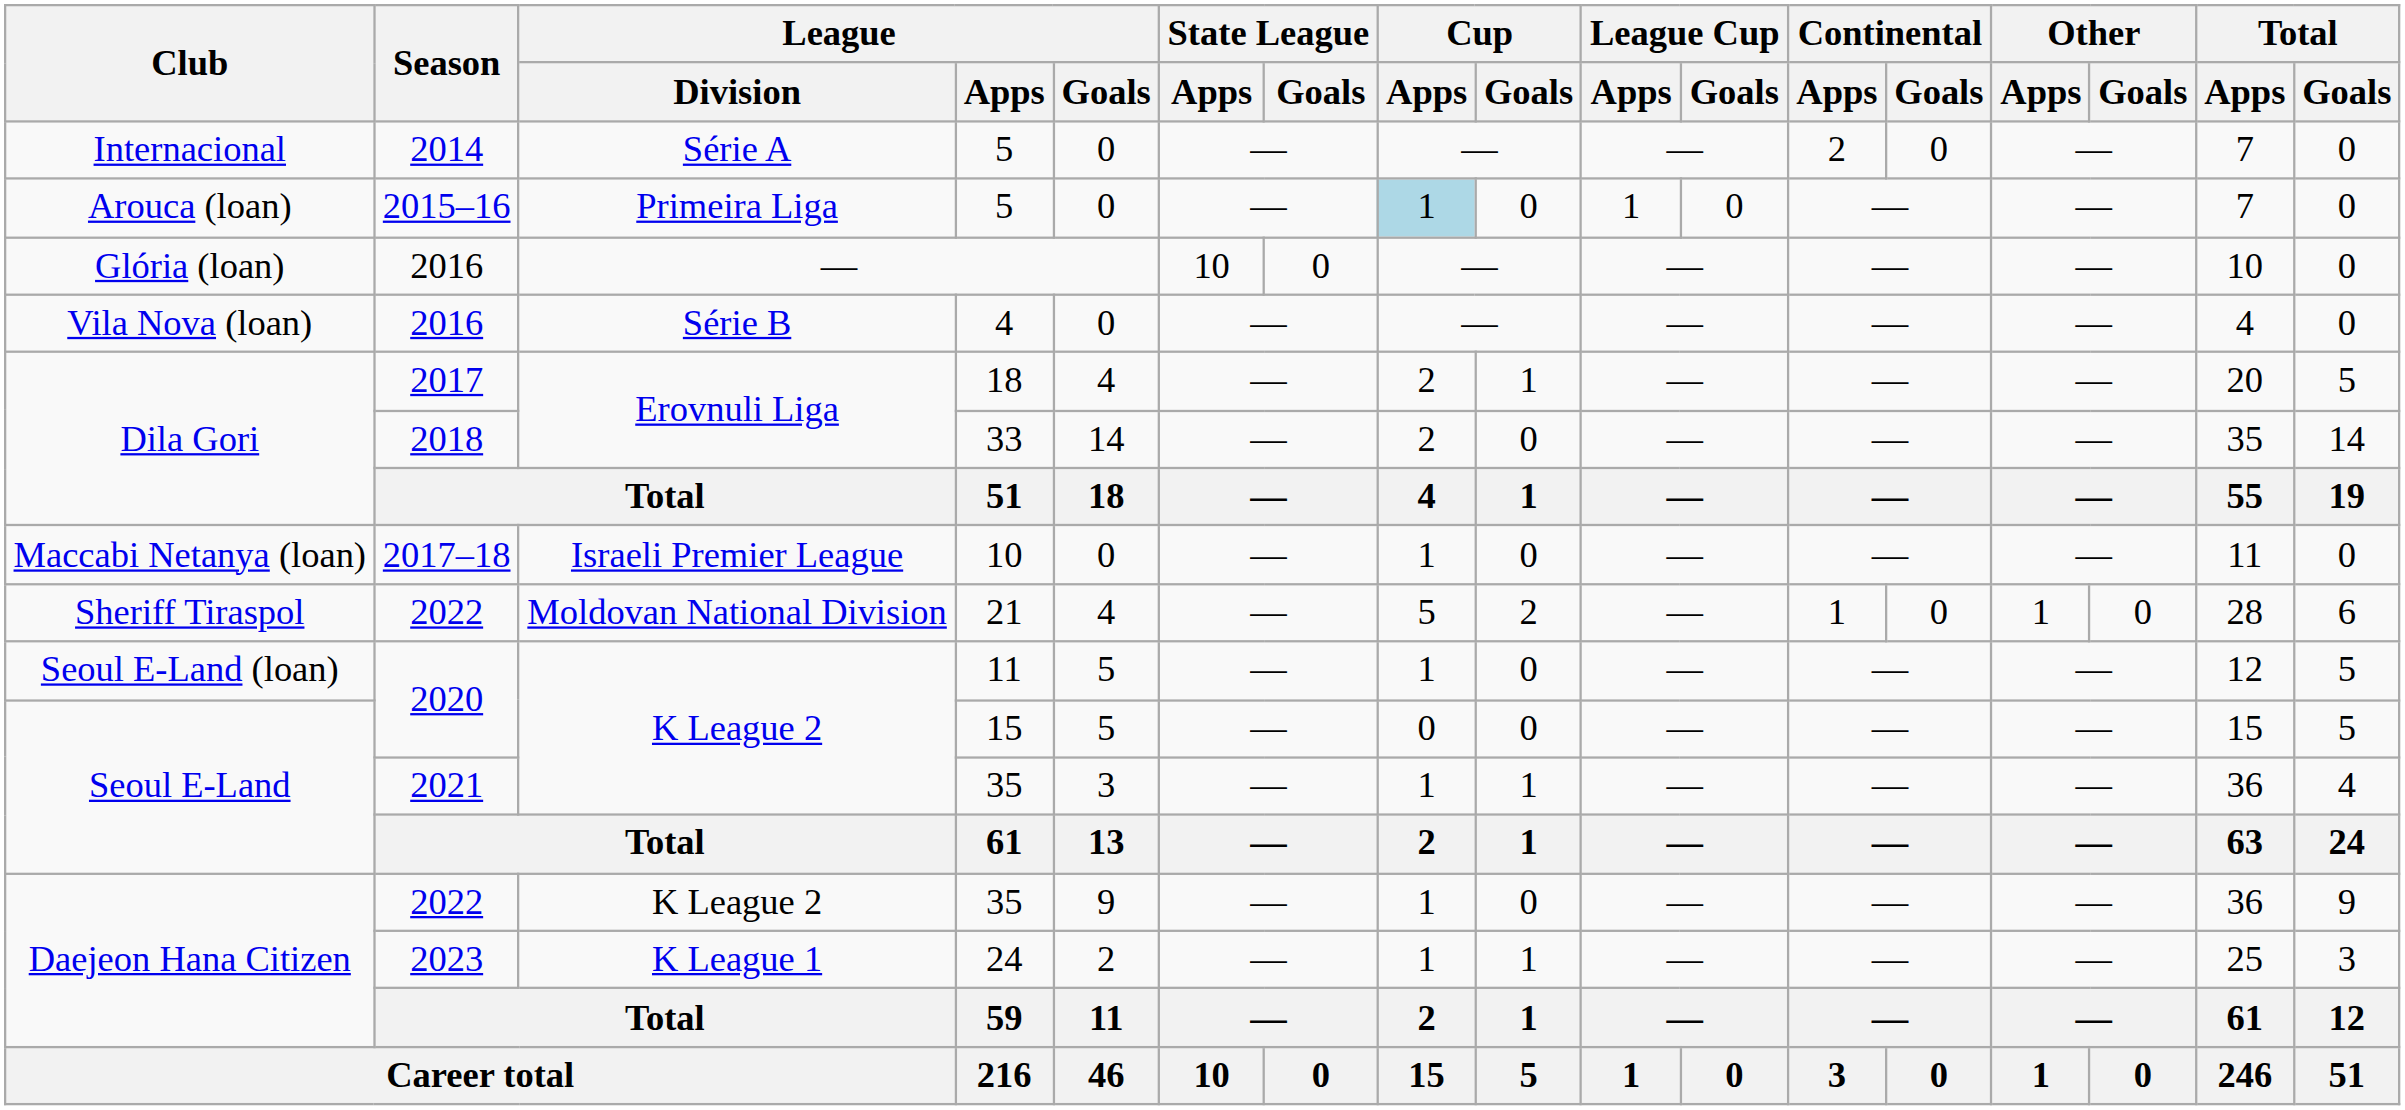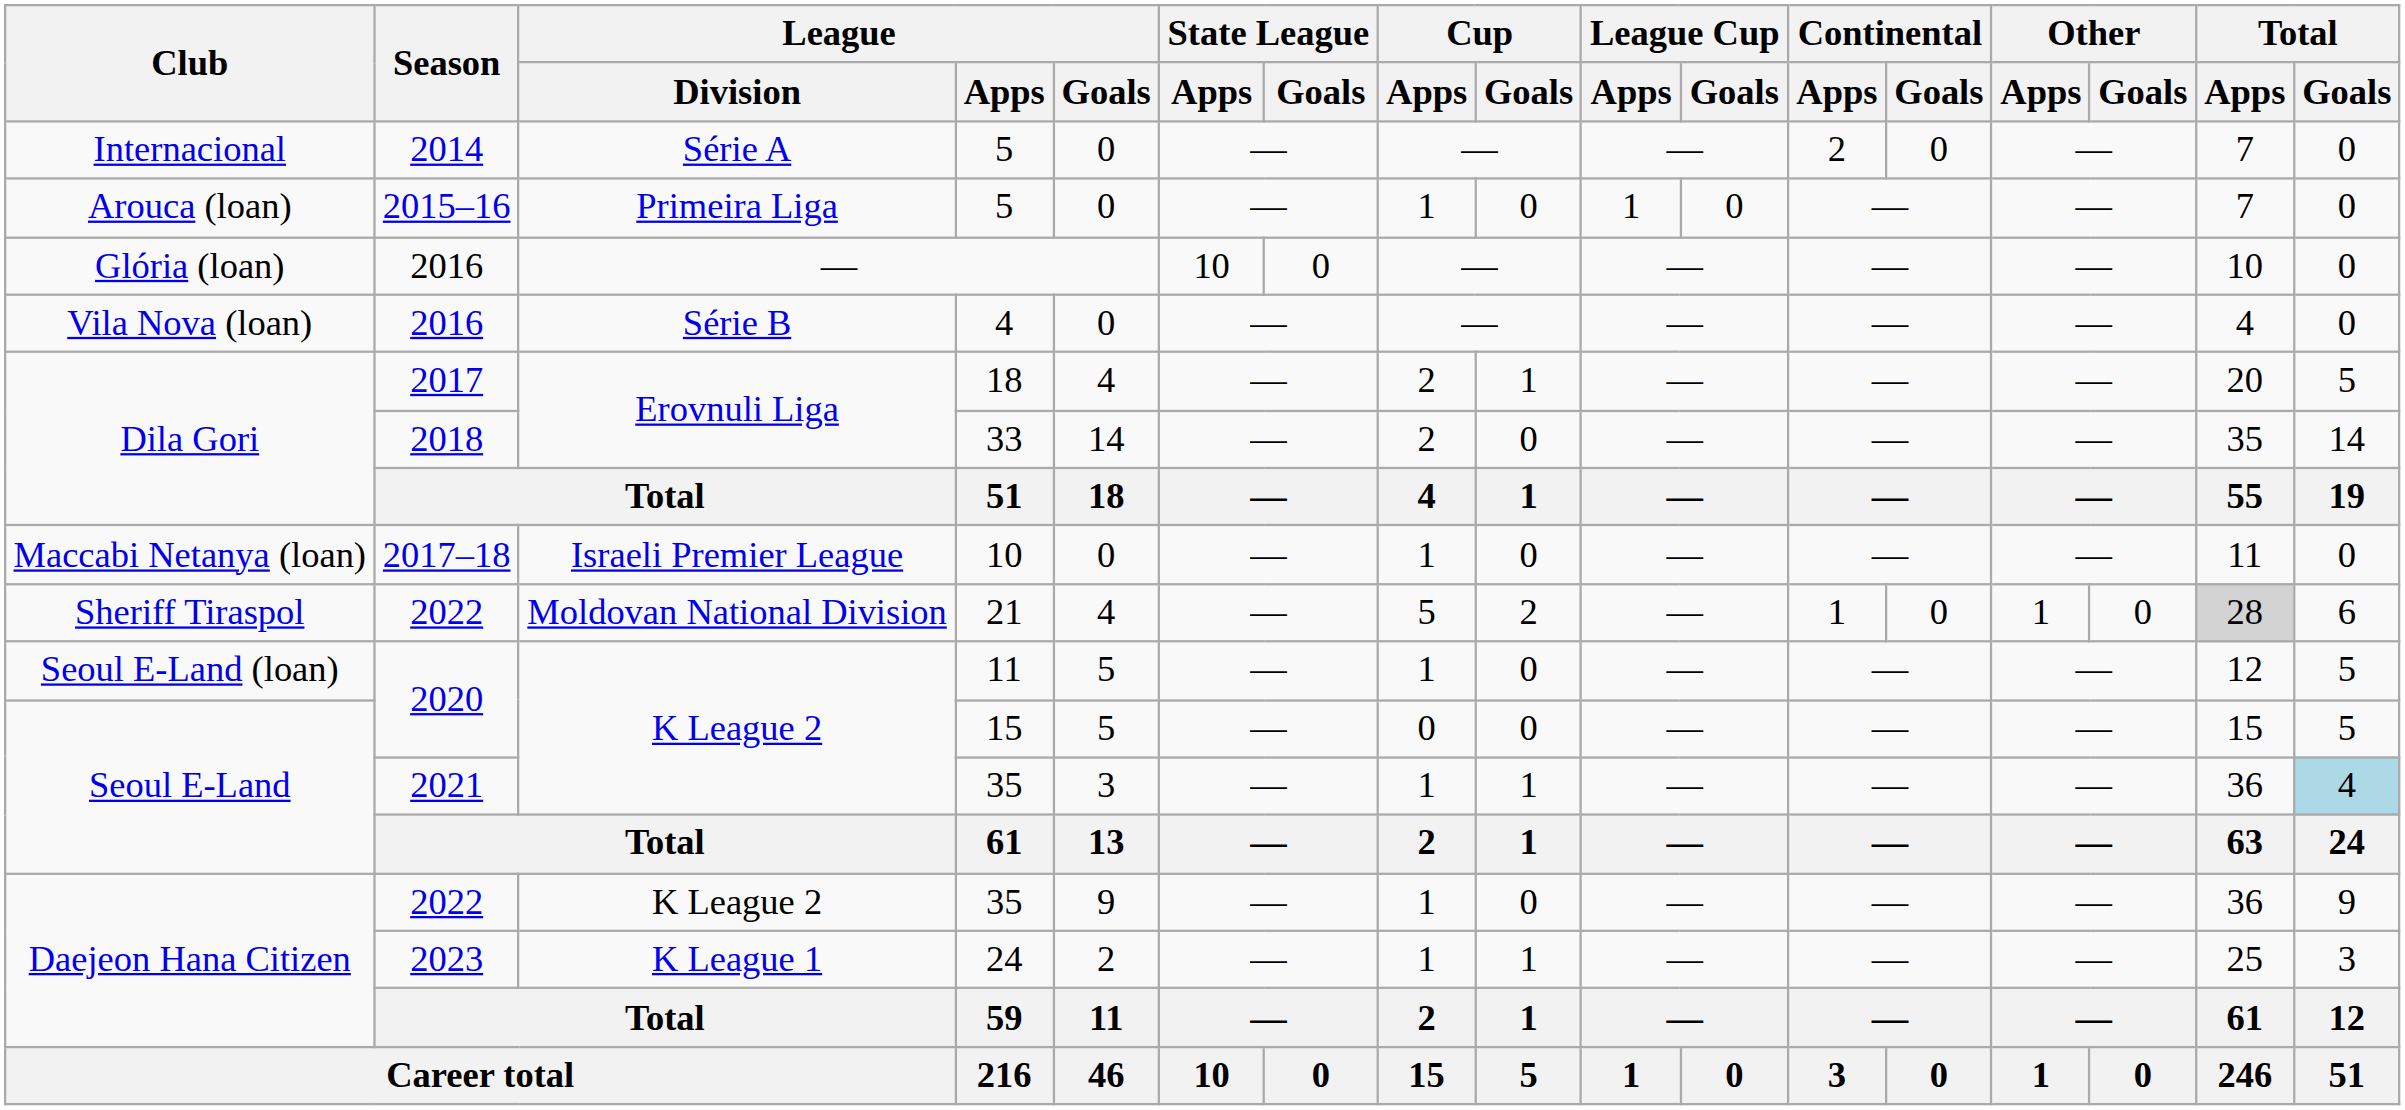 <table class="wikitable" style="text-align: center">
 <tr>
 <th rowspan="2">Club</th>
 <th rowspan="2">Season</th>
 <th colspan="3">League</th>
 <th colspan="2">State League</th>
 <th colspan="2">Cup</th>
 <th colspan="2">League Cup</th>
 <th colspan="2">Continental</th>
 <th colspan="2">Other</th>
 <th colspan="2">Total</th>
 </tr>
 <tr>
 <th>Division</th>
 <th>Apps</th>
 <th>Goals</th>
 <th>Apps</th>
 <th>Goals</th>
 <th>Apps</th>
 <th>Goals</th>
 <th>Apps</th>
 <th>Goals</th>
 <th>Apps</th>
 <th>Goals</th>
 <th>Apps</th>
 <th>Goals</th>
 <th>Apps</th>
 <th>Goals</th>
 </tr>
 <tr>
 <td><a href='#'>Internacional</a></td>
 <td><a href='#'>2014</a></td>
 <td><a href='#'>Série A</a></td>
 <td>5</td>
 <td>0</td>
 <td colspan="2">—</td>
 <td colspan="2">—</td>
 <td colspan="2">—</td>
 <td>2</td>
 <td>0</td>
 <td colspan="2">—</td>
 <td>7</td>
 <td>0</td>
 </tr>
 <tr>
 <td><a href='#'>Arouca</a> (loan)</td>
 <td><a href='#'>2015–16</a></td>
 <td><a href='#'>Primeira Liga</a></td>
 <td>5</td>
 <td>0</td>
 <td colspan="2">—</td>
-<td style="background: lightblue;">1</td>
+<td>1</td>
 <td>0</td>
 <td>1</td>
 <td>0</td>
 <td colspan="2">—</td>
 <td colspan="2">—</td>
 <td>7</td>
 <td>0</td>
 </tr>
 <tr>
 <td><a href='#'>Glória</a> (loan)</td>
 <td>2016</td>
 <td colspan="3">—</td>
 <td>10</td>
 <td>0</td>
 <td colspan="2">—</td>
 <td colspan="2">—</td>
 <td colspan="2">—</td>
 <td colspan="2">—</td>
 <td>10</td>
 <td>0</td>
 </tr>
 <tr>
 <td><a href='#'>Vila Nova</a> (loan)</td>
 <td><a href='#'>2016</a></td>
 <td><a href='#'>Série B</a></td>
 <td>4</td>
 <td>0</td>
 <td colspan="2">—</td>
 <td colspan="2">—</td>
 <td colspan="2">—</td>
 <td colspan="2">—</td>
 <td colspan="2">—</td>
 <td>4</td>
 <td>0</td>
 </tr>
 <tr>
 <td rowspan="3"><a href='#'>Dila Gori</a></td>
 <td><a href='#'>2017</a></td>
 <td rowspan="2"><a href='#'>Erovnuli Liga</a></td>
 <td>18</td>
 <td>4</td>
 <td colspan="2">—</td>
 <td>2</td>
 <td>1</td>
 <td colspan="2">—</td>
 <td colspan="2">—</td>
 <td colspan="2">—</td>
 <td>20</td>
 <td>5</td>
 </tr>
 <tr>
 <td><a href='#'>2018</a></td>
 <td>33</td>
 <td>14</td>
 <td colspan="2">—</td>
 <td>2</td>
 <td>0</td>
 <td colspan="2">—</td>
 <td colspan="2">—</td>
 <td colspan="2">—</td>
 <td>35</td>
 <td>14</td>
 </tr>
 <tr>
 <th colspan="2">Total</th>
 <th>51</th>
 <th>18</th>
 <th colspan="2">—</th>
 <th>4</th>
 <th>1</th>
 <th colspan="2">—</th>
 <th colspan="2">—</th>
 <th colspan="2">—</th>
 <th>55</th>
 <th>19</th>
 </tr>
 <tr>
 <td><a href='#'>Maccabi Netanya</a> (loan)</td>
 <td><a href='#'>2017–18</a></td>
 <td><a href='#'>Israeli Premier League</a></td>
 <td>10</td>
 <td>0</td>
 <td colspan="2">—</td>
 <td>1</td>
 <td>0</td>
 <td colspan="2">—</td>
 <td colspan="2">—</td>
 <td colspan="2">—</td>
 <td>11</td>
 <td>0</td>
 </tr>
 <tr>
 <td><a href='#'>Sheriff Tiraspol</a></td>
 <td><a href='#'>2022</a></td>
 <td><a href='#'>Moldovan National Division</a></td>
 <td>21</td>
 <td>4</td>
 <td colspan="2">—</td>
 <td>5</td>
 <td>2</td>
 <td colspan="2">—</td>
 <td>1</td>
 <td>0</td>
 <td>1</td>
 <td>0</td>
-<td>28</td>
+<td style="background: lightgrey;">28</td>
 <td>6</td>
 </tr>
 <tr>
 <td><a href='#'>Seoul E-Land</a> (loan)</td>
 <td rowspan="2"><a href='#'>2020</a></td>
 <td rowspan="3"><a href='#'>K League 2</a></td>
 <td>11</td>
 <td>5</td>
 <td colspan="2">—</td>
 <td>1</td>
 <td>0</td>
 <td colspan="2">—</td>
 <td colspan="2">—</td>
 <td colspan="2">—</td>
 <td>12</td>
 <td>5</td>
 </tr>
 <tr>
 <td rowspan="3"><a href='#'>Seoul E-Land</a></td>
 <td>15</td>
 <td>5</td>
 <td colspan="2">—</td>
 <td>0</td>
 <td>0</td>
 <td colspan="2">—</td>
 <td colspan="2">—</td>
 <td colspan="2">—</td>
 <td>15</td>
 <td>5</td>
 </tr>
 <tr>
 <td><a href='#'>2021</a></td>
 <td>35</td>
 <td>3</td>
 <td colspan="2">—</td>
 <td>1</td>
 <td>1</td>
 <td colspan="2">—</td>
 <td colspan="2">—</td>
 <td colspan="2">—</td>
 <td>36</td>
-<td>4</td>
+<td style="background: lightblue;">4</td>
 </tr>
 <tr>
 <th colspan="2">Total</th>
 <th>61</th>
 <th>13</th>
 <th colspan="2">—</th>
 <th>2</th>
 <th>1</th>
 <th colspan="2">—</th>
 <th colspan="2">—</th>
 <th colspan="2">—</th>
 <th>63</th>
 <th>24</th>
 </tr>
 <tr>
 <td rowspan="3"><a href='#'>Daejeon Hana Citizen</a></td>
 <td><a href='#'>2022</a></td>
 <td>K League 2</td>
 <td>35</td>
 <td>9</td>
 <td colspan="2">—</td>
 <td>1</td>
 <td>0</td>
 <td colspan="2">—</td>
 <td colspan="2">—</td>
 <td colspan="2">—</td>
 <td>36</td>
 <td>9</td>
 </tr>
 <tr>
 <td><a href='#'>2023</a></td>
 <td><a href='#'>K League 1</a></td>
 <td>24</td>
 <td>2</td>
 <td colspan="2">—</td>
 <td>1</td>
 <td>1</td>
 <td colspan="2">—</td>
 <td colspan="2">—</td>
 <td colspan="2">—</td>
 <td>25</td>
 <td>3</td>
 </tr>
 <tr>
 <th colspan="2">Total</th>
 <th>59</th>
 <th>11</th>
 <th colspan="2">—</th>
 <th>2</th>
 <th>1</th>
 <th colspan="2">—</th>
 <th colspan="2">—</th>
 <th colspan="2">—</th>
 <th>61</th>
 <th>12</th>
 </tr>
 <tr>
 <th colspan="3"><strong>Career total</strong></th>
 <th>216</th>
 <th>46</th>
 <th>10</th>
 <th>0</th>
 <th>15</th>
 <th>5</th>
 <th>1</th>
 <th>0</th>
 <th>3</th>
 <th>0</th>
 <th>1</th>
 <th>0</th>
 <th>246</th>
 <th>51</th>
 </tr>
 </table>
